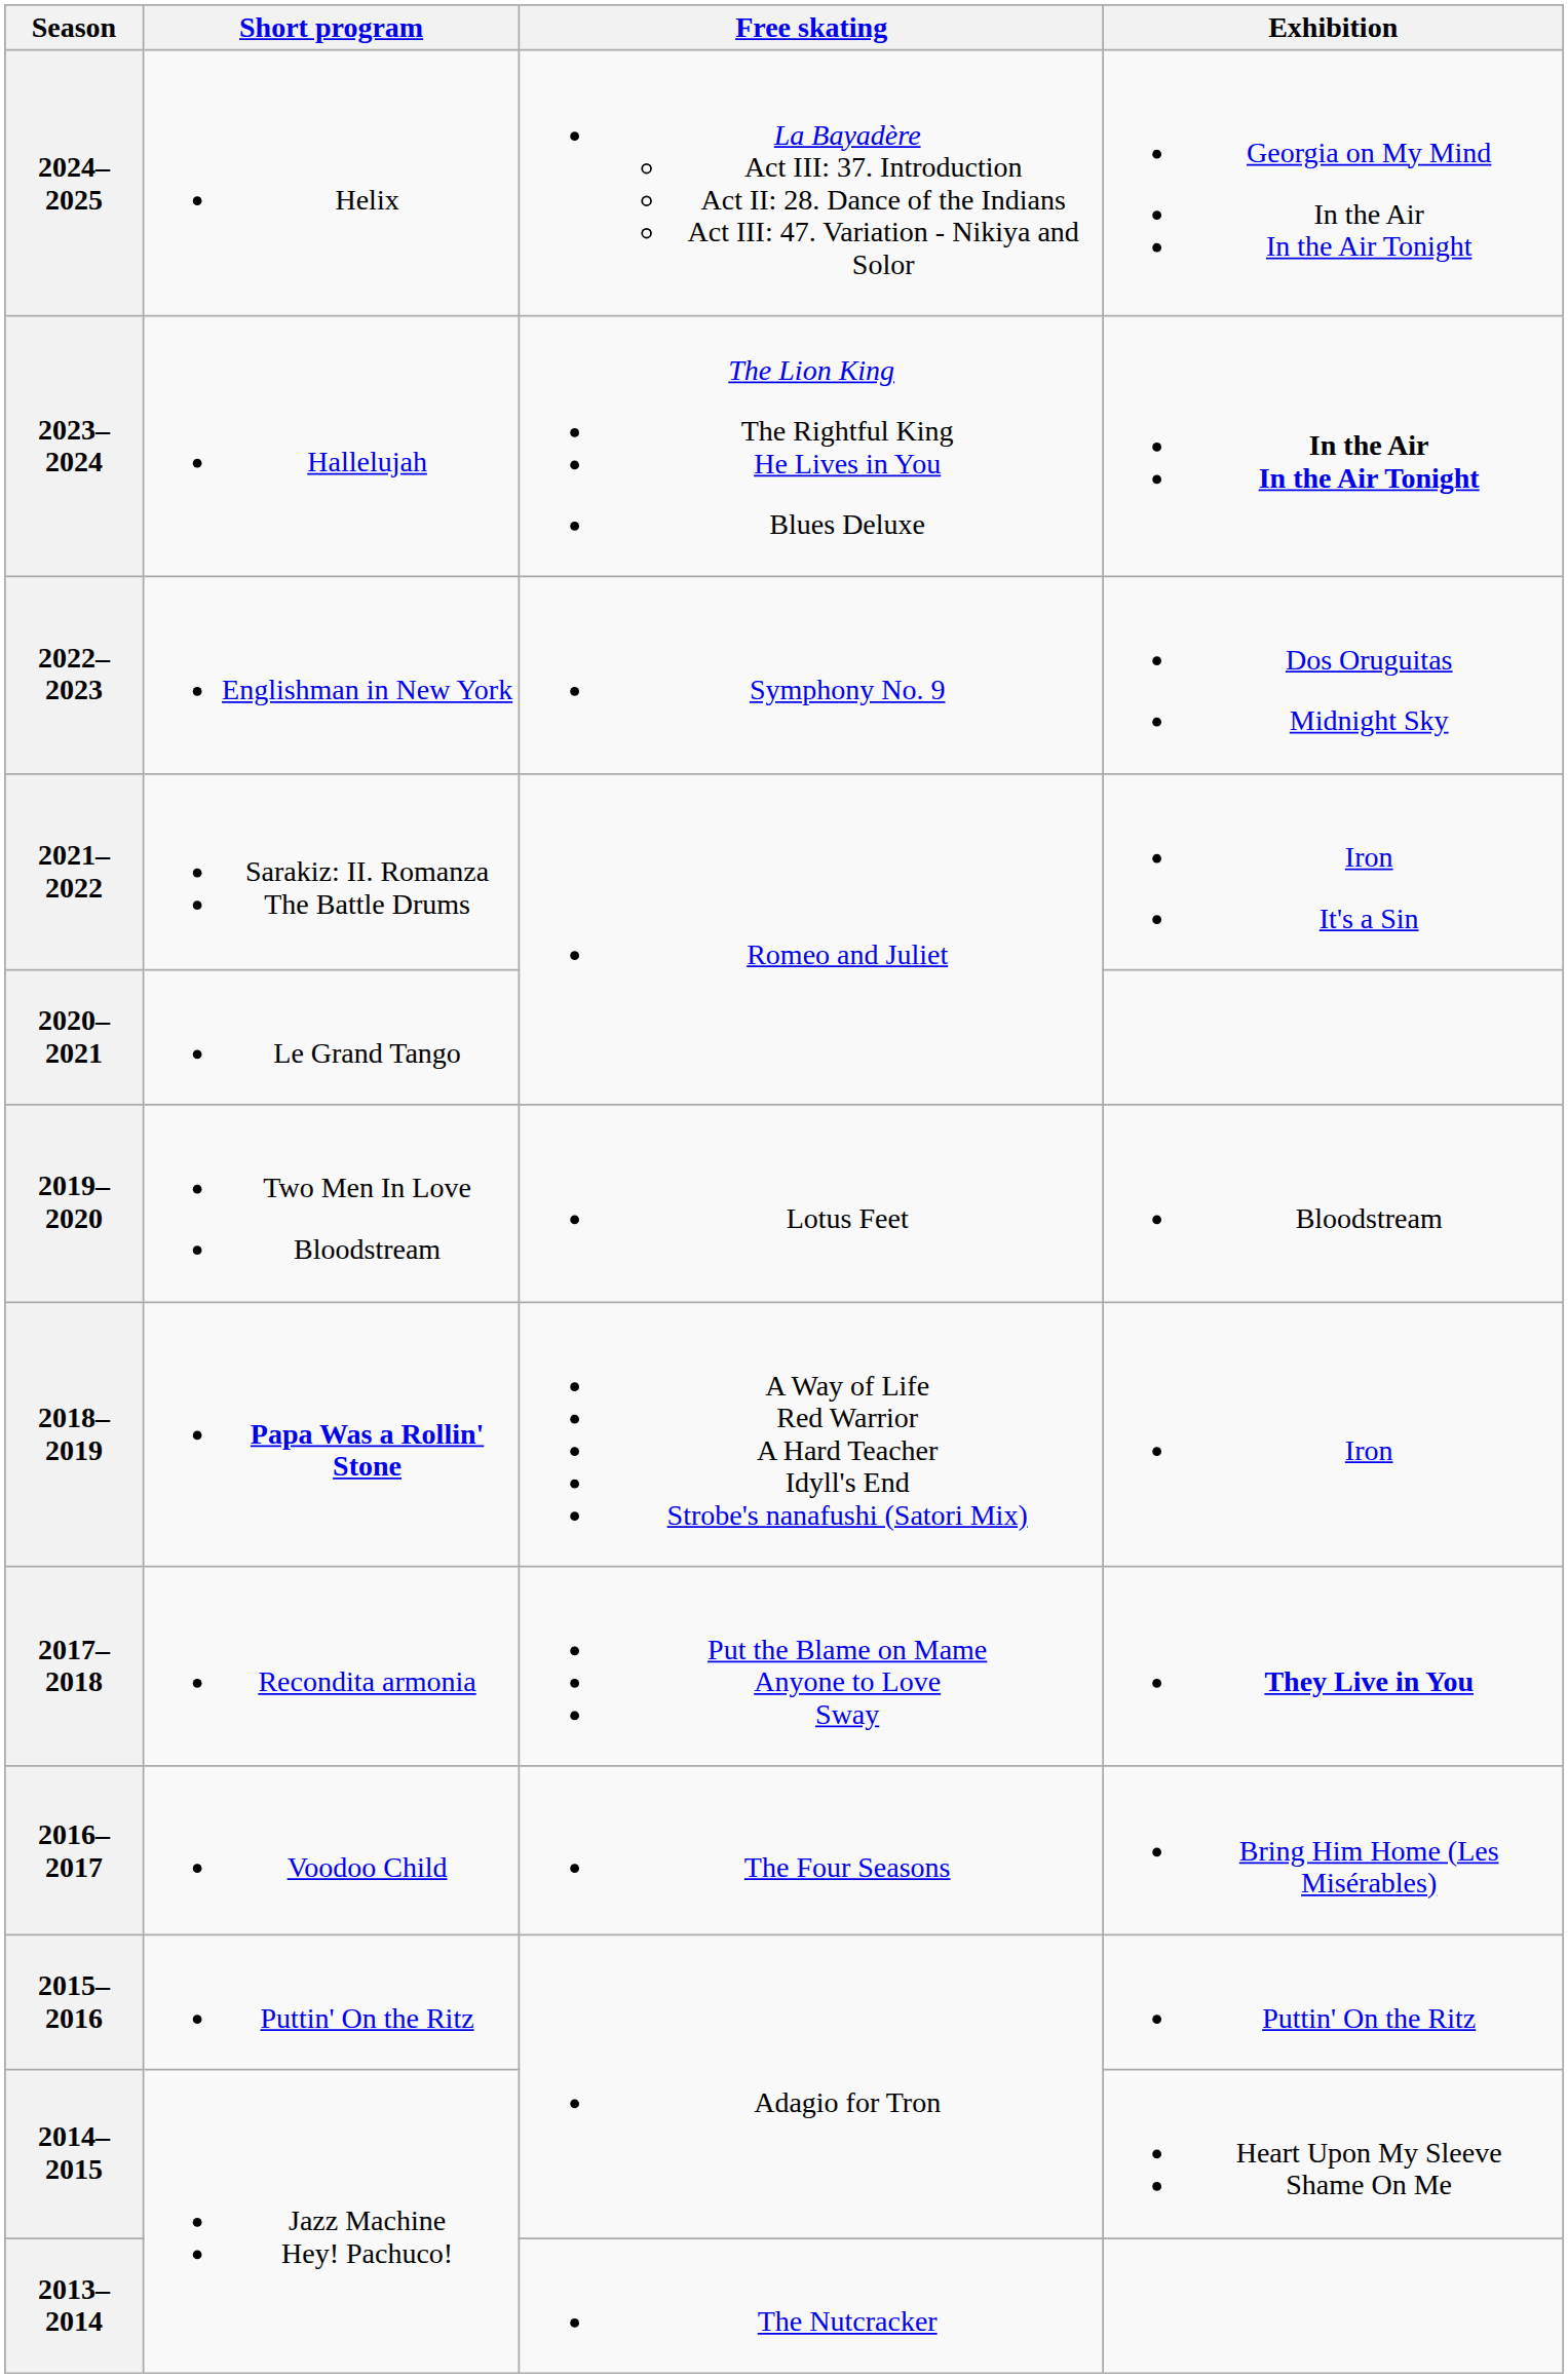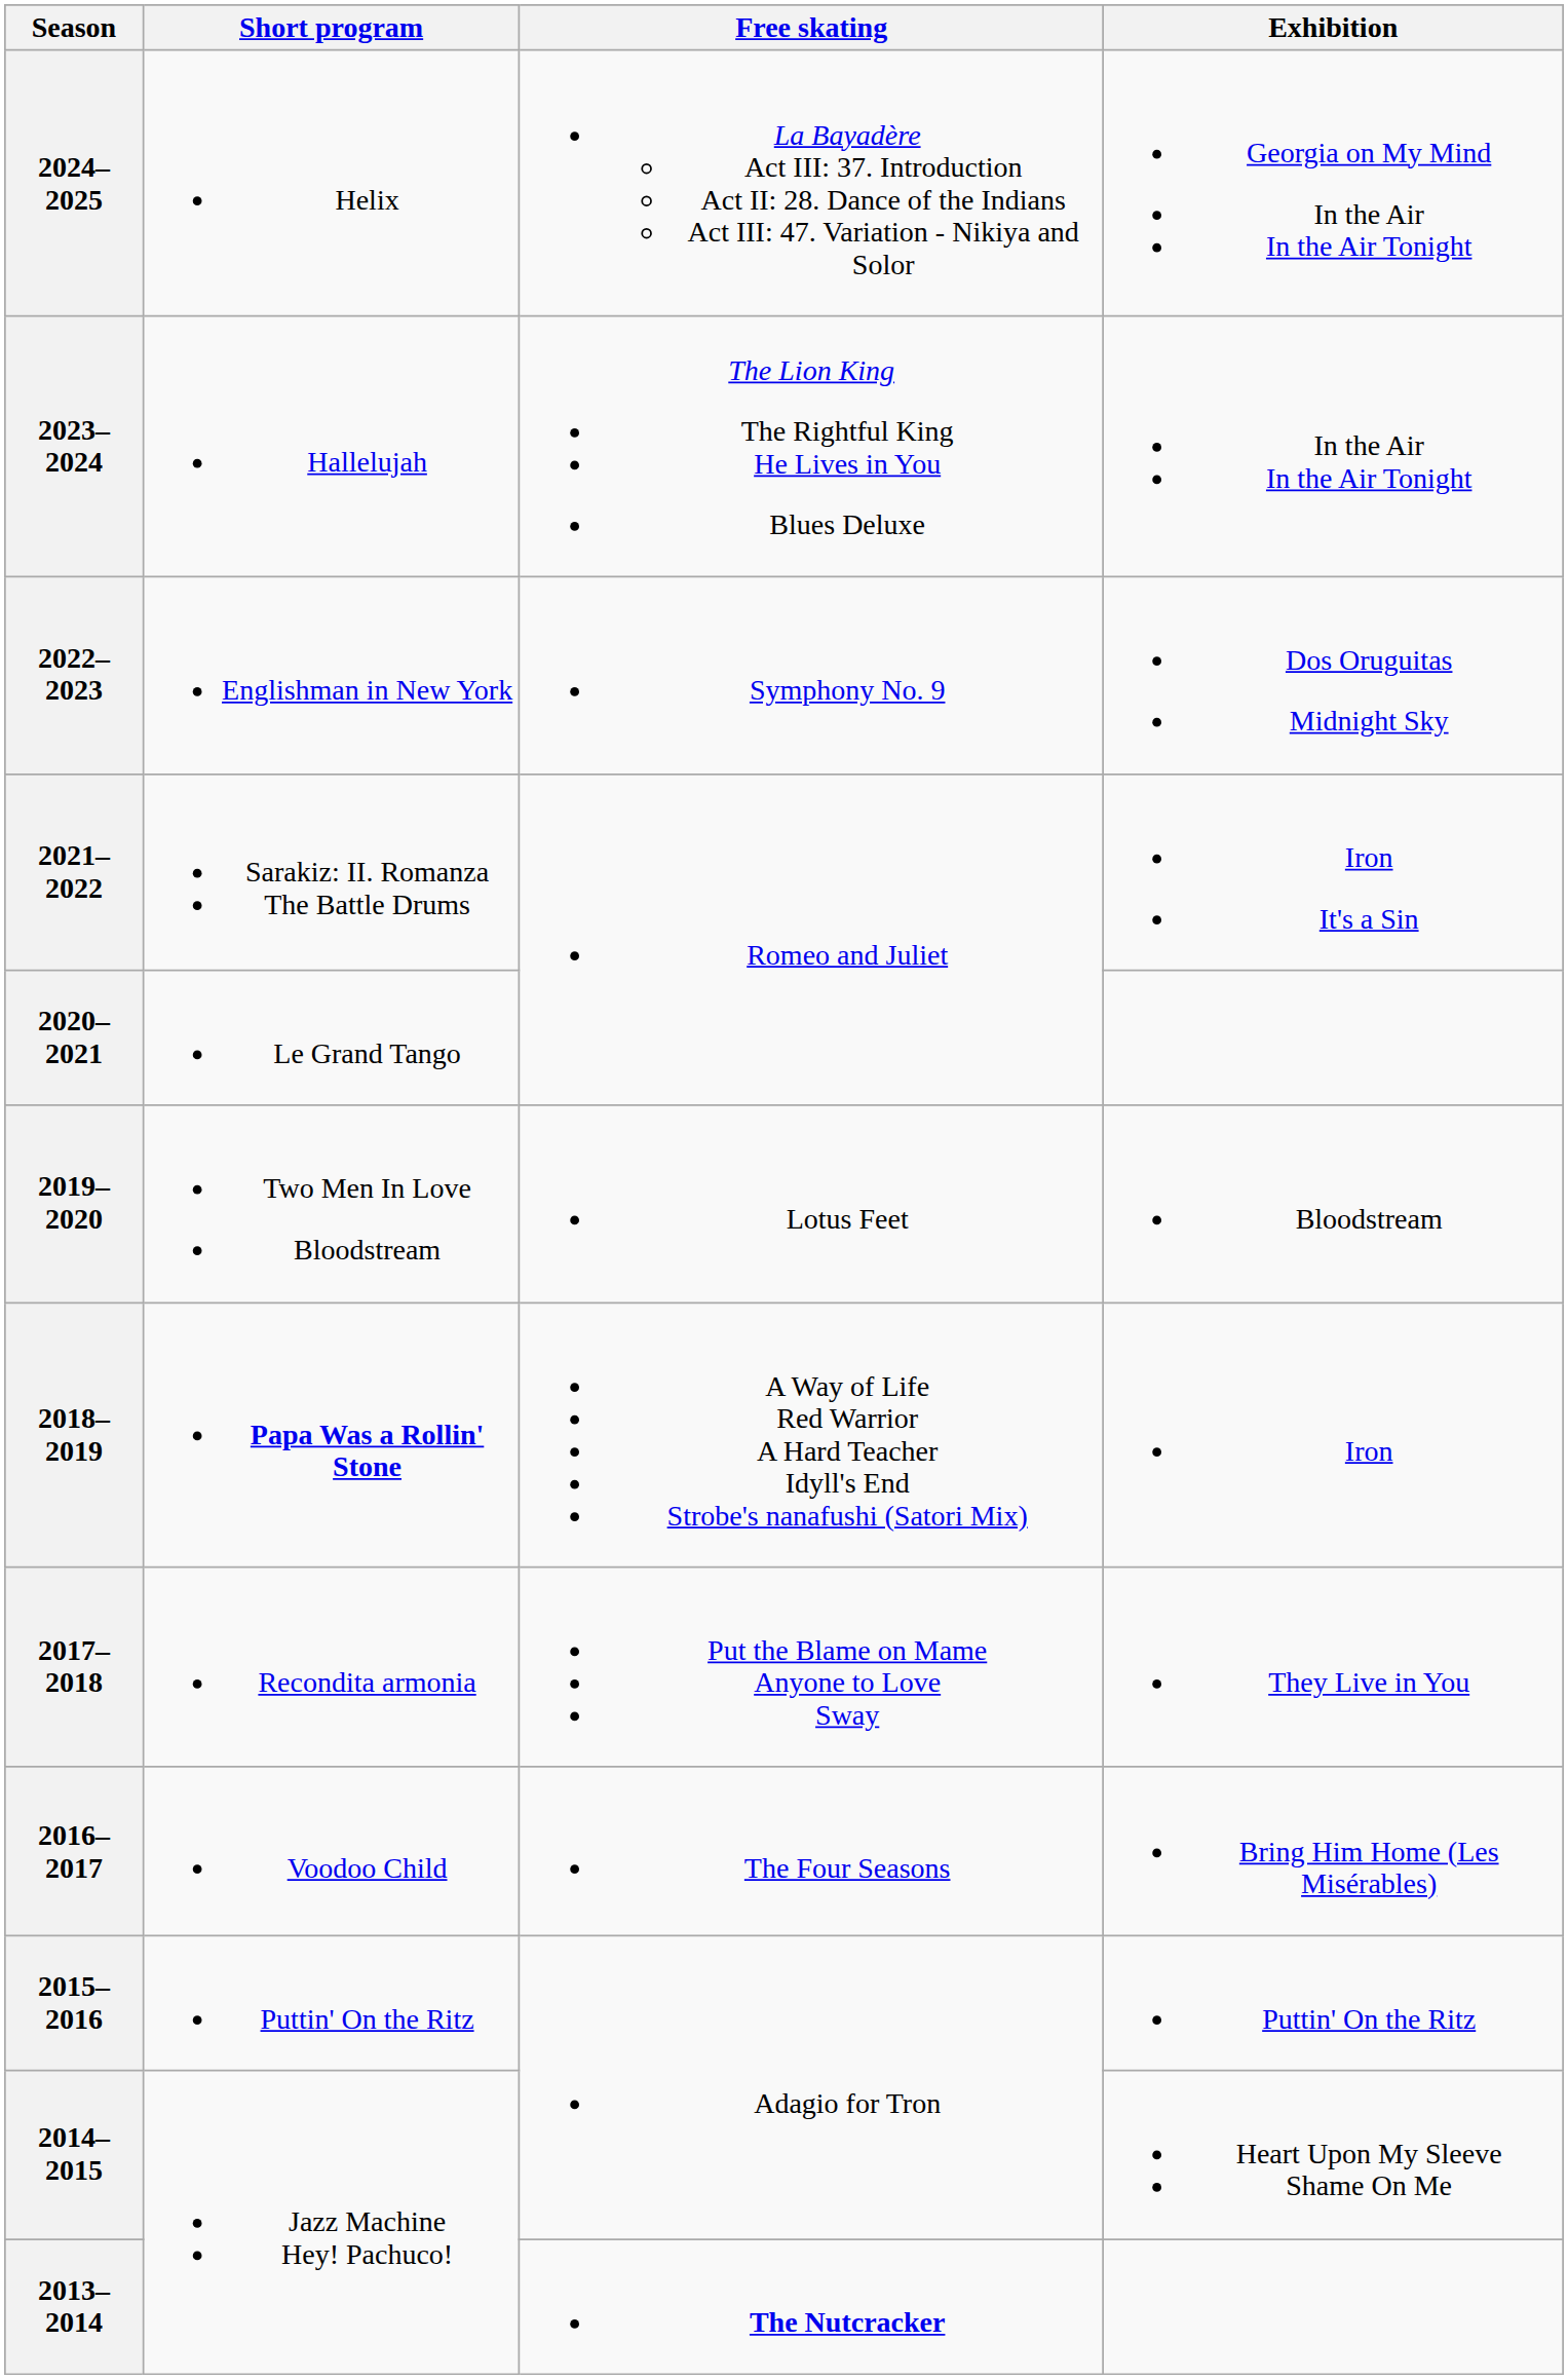 <table class=wikitable style=text-align:center>
 <tr>
 <th>Season</th>
 <th><a href='#'>Short program</a></th>
 <th><a href='#'>Free skating</a></th>
 <th>Exhibition</th>
 </tr>
 <tr>
 <th>2024–2025 <br> </th>
 <td><br><ul><li>Helix <br> </li></ul></td>
 <td><br><ul><li><em><a href='#'>La Bayadère</a></em><ul><li>Act III: 37. Introduction</li><li>Act II: 28. Dance of the Indians</li><li>Act III: 47. Variation - Nikiya and Solor <br></li></ul></li></ul></td>
 <td><br><ul><li><a href='#'>Georgia on My Mind</a> <br> </li></ul><ul><li>In the Air <br></li><li><a href='#'>In the Air Tonight</a> <br></li></ul></td>
 </tr>
 <tr>
 <th>2023–2024 <br> </th>
 <td><br><ul><li><a href='#'>Hallelujah</a> <br> </li></ul></td>
 <td><br><em><a href='#'>The Lion King</a></em><ul><li>The Rightful King <br></li><li><a href='#'>He Lives in You</a> <br></li></ul><ul><li>Blues Deluxe <br></li></ul></td>
-<td><strong><br><ul><li>In the Air <br></li><li><a href='#'>In the Air Tonight</a> <br></li></ul></strong></td>
+<td><br><ul><li>In the Air <br></li><li><a href='#'>In the Air Tonight</a> <br></li></ul></td>
 </tr>
 <tr>
 <th>2022–2023 <br> </th>
 <td><br><ul><li><a href='#'>Englishman in New York</a> <br></li></ul></td>
 <td><br><ul><li><a href='#'>Symphony No. 9</a> <br></li></ul></td>
 <td><br><ul><li><a href='#'>Dos Oruguitas</a> <br></li></ul><ul><li><a href='#'>Midnight Sky</a> <br></li></ul></td>
 </tr>
 <tr>
 <th>2021–2022 <br> </th>
 <td><br><ul><li>Sarakiz: II. Romanza <br></li><li>The Battle Drums <br></li></ul></td>
 <td rowspan=2><br><ul><li><a href='#'>Romeo and Juliet</a> <br></li></ul></td>
 <td><br><ul><li><a href='#'>Iron</a> <br></li></ul><ul><li><a href='#'>It's a Sin</a> <br></li></ul></td>
 </tr>
 <tr>
 <th>2020–2021 <br> </th>
 <td><br><ul><li>Le Grand Tango <br></li></ul></td>
 <td></td>
 </tr>
 <tr>
 <th>2019–2020 <br> </th>
 <td><br><ul><li>Two Men In Love <br></li></ul><ul><li>Bloodstream <br></li></ul></td>
 <td><br><ul><li>Lotus Feet <br></li></ul></td>
 <td><br><ul><li>Bloodstream <br></li></ul></td>
 </tr>
 <tr>
 <th>2018–2019 <br> </th>
 <td><strong><br><ul><li><a href='#'>Papa Was a Rollin' Stone</a> <br></li></ul></strong></td>
 <td><br><ul><li>A Way of Life</li><li>Red Warrior</li><li>A Hard Teacher</li><li>Idyll's End <br> </li><li><a href='#'>Strobe's nanafushi (Satori Mix)</a> <br></li></ul></td>
 <td><br><ul><li><a href='#'>Iron</a> <br></li></ul></td>
 </tr>
 <tr>
 <th>2017–2018 <br> </th>
 <td><br><ul><li><a href='#'>Recondita armonia</a> <br></li></ul></td>
 <td><br><ul><li><a href='#'>Put the Blame on Mame</a> <br></li><li><a href='#'>Anyone to Love</a> <br></li><li><a href='#'>Sway</a> <br></li></ul></td>
-<td><strong><br><ul><li><a href='#'>They Live in You</a> <br></li></ul></strong></td>
+<td><br><ul><li><a href='#'>They Live in You</a> <br></li></ul></td>
 </tr>
 <tr>
 <th>2016–2017 <br> </th>
 <td><br><ul><li><a href='#'>Voodoo Child</a> <br></li></ul></td>
 <td><br><ul><li><a href='#'>The Four Seasons</a> <br></li></ul></td>
 <td><br><ul><li><a href='#'>Bring Him Home (Les Misérables)</a> <br></li></ul></td>
 </tr>
 <tr>
 <th>2015–2016 <br> </th>
 <td><br><ul><li><a href='#'>Puttin' On the Ritz</a> <br></li></ul></td>
 <td rowspan=2><br><ul><li>Adagio for Tron <br></li></ul></td>
 <td><br><ul><li><a href='#'>Puttin' On the Ritz</a> <br></li></ul></td>
 </tr>
 <tr>
 <th>2014–2015 <br> </th>
 <td rowspan=2><br><ul><li>Jazz Machine <br></li><li>Hey! Pachuco! <br></li></ul></td>
 <td><br><ul><li>Heart Upon My Sleeve</li><li>Shame On Me <br></li></ul></td>
 </tr>
 <tr>
 <th>2013–2014 <br> </th>
-<td><br><ul><li><a href='#'>The Nutcracker</a> <br></li></ul></td>
+<td><strong><br><ul><li><a href='#'>The Nutcracker</a> <br></li></ul></strong></td>
 <td></td>
 </tr>
 </table>
